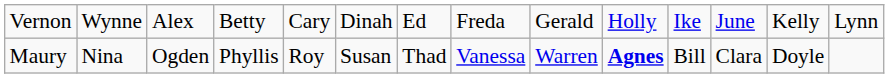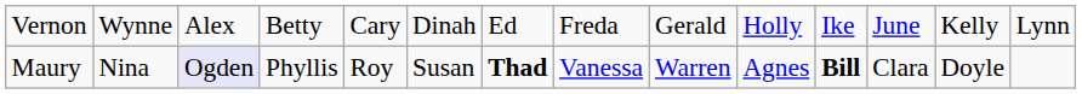 <table class="wikitable">
 <tr>
 <td>Vernon</td>
 <td>Wynne</td>
 <td>Alex</td>
 <td>Betty</td>
 <td>Cary</td>
 <td>Dinah</td>
 <td>Ed</td>
 <td>Freda</td>
 <td>Gerald</td>
 <td><a href='#'>Holly</a></td>
 <td><a href='#'>Ike</a></td>
 <td><a href='#'>June</a></td>
 <td>Kelly</td>
 <td>Lynn</td>
 </tr>
 <tr>
 <td>Maury</td>
 <td>Nina</td>
-<td>Ogden</td>
+<td style="background: lavender;">Ogden</td>
 <td>Phyllis</td>
 <td>Roy</td>
 <td>Susan</td>
-<td>Thad</td>
+<td><strong>Thad</strong></td>
 <td><a href='#'>Vanessa</a></td>
 <td><a href='#'>Warren</a></td>
-<td><strong><a href='#'>Agnes</a></strong></td>
-<td>Bill</td>
+<td><a href='#'>Agnes</a></td>
+<td><strong>Bill</strong></td>
 <td>Clara</td>
 <td>Doyle</td>
 <td></td>
 </tr>
 </table>
